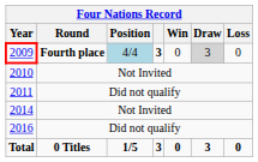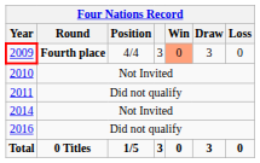 <table class="wikitable" style="text-align: center;">
 <tr>
 <th colspan=9><a href='#'>Four Nations Record</a></th>
 </tr>
 <tr>
 <th>Year</th>
 <th>Round</th>
 <th>Position</th>
 <th></th>
 <th>Win</th>
 <th>Draw</th>
 <th>Loss</th>
 </tr>
 <tr>
 <td style="border: 3px solid red"> <a href='#'>2009</a></td>
 <td><strong>Fourth place</strong></td>
-<td style="background: lightblue;">4/4</td>
-<td><strong>3</strong></td>
-<td>0</td>
-<td style="background: lightgrey;">3</td>
+<td>4/4</td>
+<td>3</td>
+<td style="background: lightsalmon;">0</td>
+<td>3</td>
 <td>0</td>
 </tr>
 <tr>
 <td> <a href='#'>2010</a></td>
 <td colspan="8">Not Invited</td>
 </tr>
 <tr>
 <td> <a href='#'>2011</a></td>
 <td colspan="8">Did not qualify</td>
 </tr>
 <tr>
 <td> <a href='#'>2014</a></td>
 <td colspan="8">Not Invited</td>
 </tr>
 <tr>
 <td> <a href='#'>2016</a></td>
 <td colspan="8">Did not qualify</td>
 </tr>
 <tr>
 <td><strong>Total</strong></td>
 <td><strong>0 Titles</strong></td>
 <td><strong>1/5</strong></td>
 <td><strong>3</strong></td>
 <td><strong>0</strong></td>
 <td><strong>3</strong></td>
 <td><strong>0</strong></td>
 </tr>
 </table>
